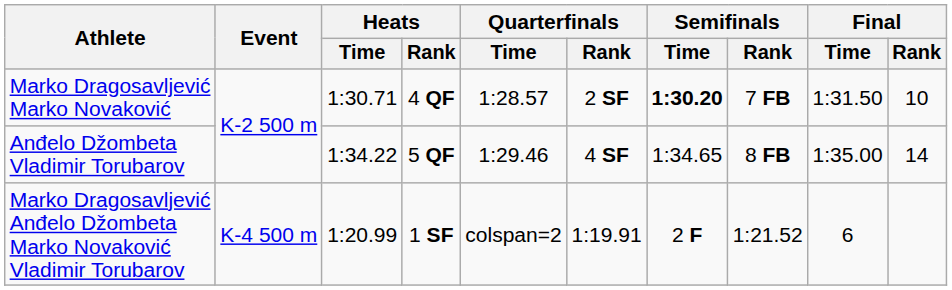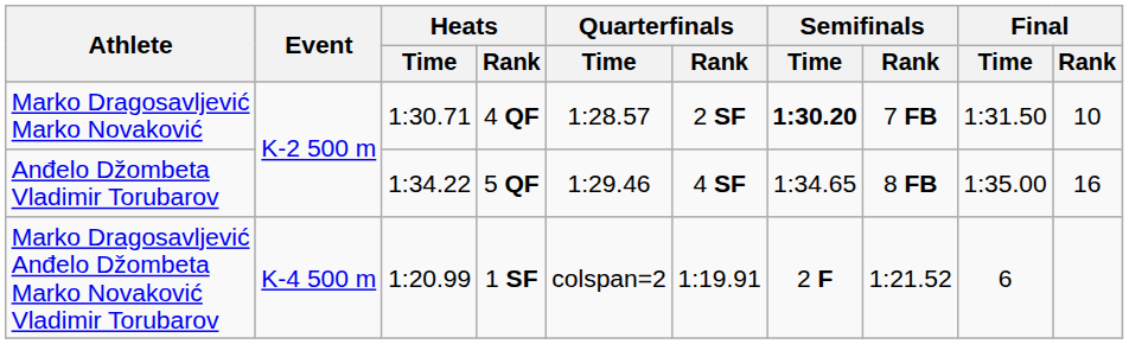 <table class=wikitable style="font-size:90%">
 <tr>
 <th rowspan="2">Athlete</th>
 <th rowspan="2">Event</th>
 <th colspan=2>Heats</th>
 <th colspan=2>Quarterfinals</th>
 <th colspan=2>Semifinals</th>
 <th colspan=2>Final</th>
 </tr>
 <tr style="font-size:95%">
 <th>Time</th>
 <th>Rank</th>
 <th>Time</th>
 <th>Rank</th>
 <th>Time</th>
 <th>Rank</th>
 <th>Time</th>
 <th>Rank</th>
 </tr>
 <tr align=center>
 <td align=left><a href='#'>Marko Dragosavljević</a><br><a href='#'>Marko Novaković</a></td>
 <td align=left rowspan=2><a href='#'>K-2 500 m</a></td>
 <td>1:30.71</td>
 <td>4 <strong>QF</strong></td>
 <td>1:28.57</td>
 <td>2 <strong>SF</strong></td>
 <td><strong>1:30.20</strong></td>
 <td>7 <strong>FB</strong></td>
 <td>1:31.50</td>
 <td>10</td>
 </tr>
 <tr align=center>
 <td align=left><a href='#'>Anđelo Džombeta</a><br><a href='#'>Vladimir Torubarov</a></td>
 <td>1:34.22</td>
 <td>5 <strong>QF</strong></td>
 <td>1:29.46</td>
 <td>4 <strong>SF</strong></td>
 <td>1:34.65</td>
 <td>8 <strong>FB</strong></td>
 <td>1:35.00</td>
-<td>14</td>
+<td>16</td>
 </tr>
 <tr align="center">
 <td align="left"><a href='#'>Marko Dragosavljević</a><br><a href='#'>Anđelo Džombeta</a><br><a href='#'>Marko Novaković</a><br><a href='#'>Vladimir Torubarov</a></td>
 <td align="left"><a href='#'>K-4 500 m</a></td>
 <td>1:20.99</td>
 <td>1 <strong>SF</strong></td>
 <td>colspan=2 </td>
 <td>1:19.91</td>
 <td>2 <strong>F</strong></td>
 <td>1:21.52</td>
 <td>6</td>
 </tr>
 </table>
